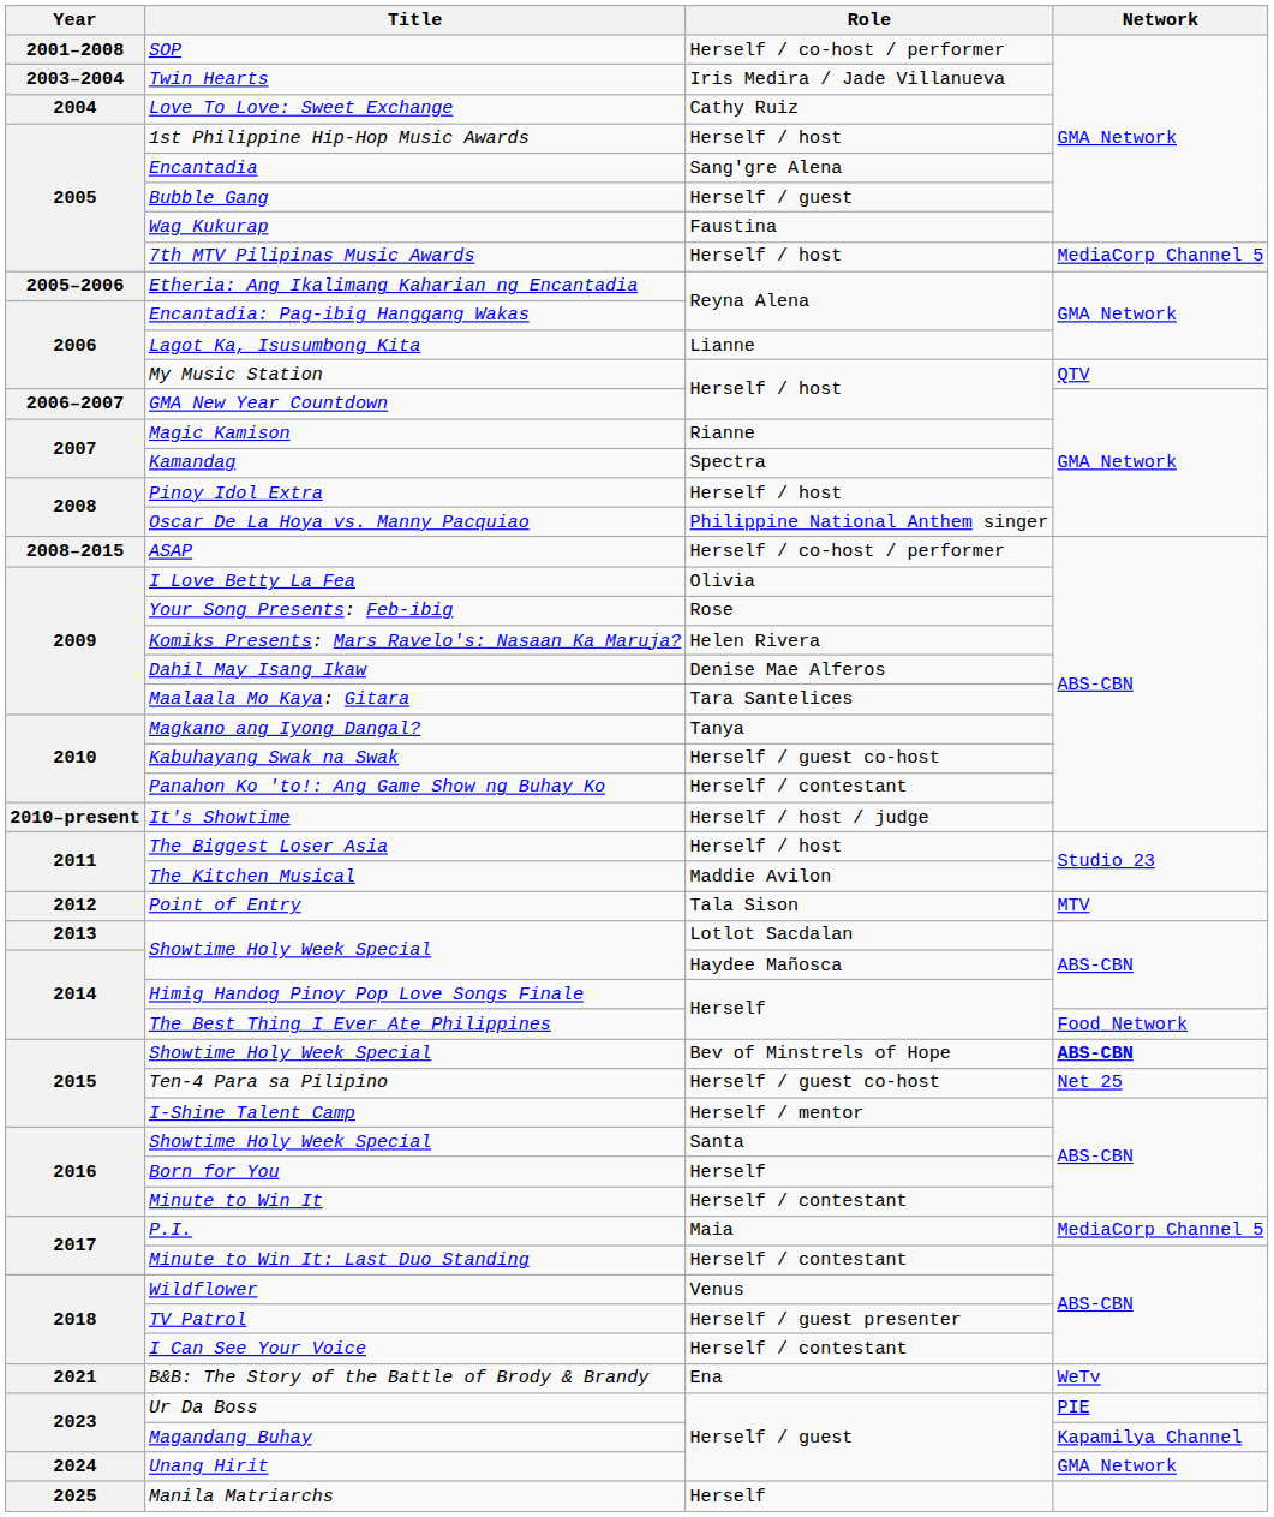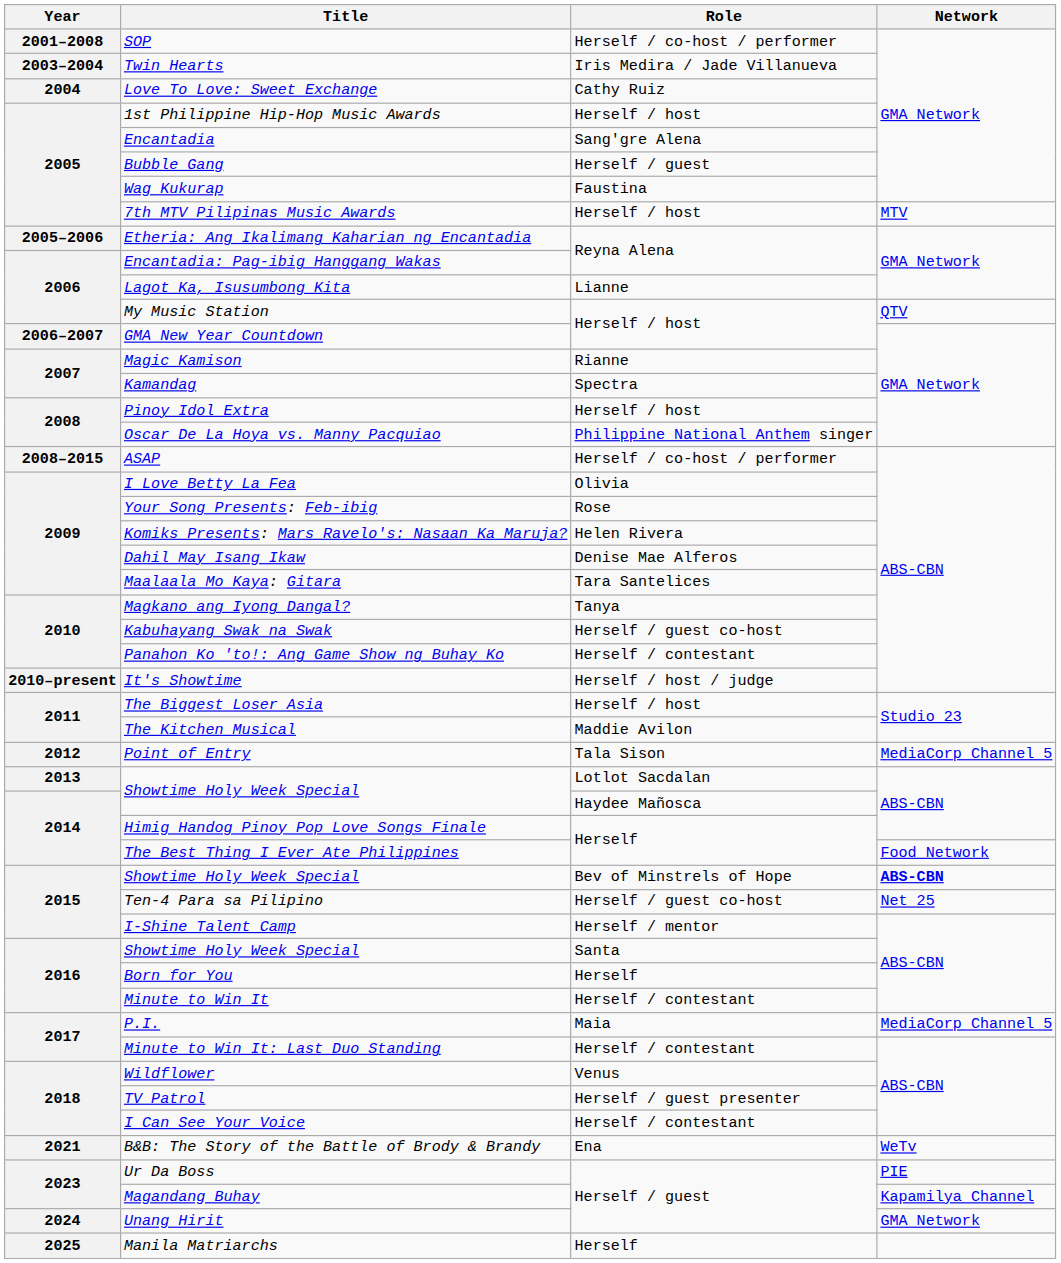 <table class="wikitable sortable plainrowheaders">
 <tr>
 <th scope="col">Year</th>
 <th scope="col">Title</th>
 <th scope="col">Role</th>
 <th scope="col">Network</th>
 </tr>
 <tr>
 <th scope="row">2001–2008</th>
 <td><em><a href='#'>SOP</a></em></td>
 <td>Herself / co-host / performer</td>
 <td rowspan="7"><a href='#'>GMA Network</a></td>
 </tr>
 <tr>
 <th scope="row">2003–2004</th>
 <td><em><a href='#'>Twin Hearts</a></em></td>
 <td>Iris Medira / Jade Villanueva</td>
 </tr>
 <tr>
 <th scope="row">2004</th>
 <td><em><a href='#'>Love To Love: Sweet Exchange</a></em></td>
 <td>Cathy Ruiz</td>
 </tr>
 <tr>
 <th rowspan="5" scope="row">2005</th>
 <td><em>1st Philippine Hip-Hop Music Awards</em></td>
 <td>Herself / host</td>
 </tr>
 <tr>
 <td><em><a href='#'>Encantadia</a></em></td>
 <td>Sang'gre Alena</td>
 </tr>
 <tr>
 <td><em><a href='#'>Bubble Gang</a></em></td>
 <td>Herself / guest</td>
 </tr>
 <tr>
 <td><em><a href='#'>Wag Kukurap</a></em></td>
 <td>Faustina</td>
 </tr>
 <tr>
 <td><em><a href='#'>7th MTV Pilipinas Music Awards</a></em></td>
 <td>Herself / host</td>
-<td><a href='#'>MediaCorp Channel 5</a></td>
+<td><a href='#'>MTV</a></td>
 </tr>
 <tr>
 <th scope="row">2005–2006</th>
 <td><em><a href='#'>Etheria: Ang Ikalimang Kaharian ng Encantadia</a></em></td>
 <td rowspan="2">Reyna Alena</td>
 <td rowspan="3"><a href='#'>GMA Network</a></td>
 </tr>
 <tr>
 <th rowspan="3" scope="row">2006</th>
 <td><em><a href='#'>Encantadia: Pag-ibig Hanggang Wakas</a></em></td>
 </tr>
 <tr>
 <td><em><a href='#'>Lagot Ka, Isusumbong Kita</a></em></td>
 <td>Lianne</td>
 </tr>
 <tr>
 <td><em>My Music Station</em></td>
 <td rowspan="2">Herself / host</td>
 <td><a href='#'>QTV</a></td>
 </tr>
 <tr>
 <th scope="row">2006–2007</th>
 <td><em><a href='#'>GMA New Year Countdown</a></em></td>
 <td rowspan=5><a href='#'>GMA Network</a></td>
 </tr>
 <tr>
 <th rowspan="2" scope="row">2007</th>
 <td><em><a href='#'>Magic Kamison</a></em></td>
 <td>Rianne</td>
 </tr>
 <tr>
 <td><em><a href='#'>Kamandag</a></em></td>
 <td>Spectra</td>
 </tr>
 <tr>
 <th rowspan="2" scope="row">2008</th>
 <td><em><a href='#'>Pinoy Idol Extra</a></em></td>
 <td>Herself / host</td>
 </tr>
 <tr>
 <td><em><a href='#'>Oscar De La Hoya vs. Manny Pacquiao</a></em></td>
 <td><a href='#'>Philippine National Anthem</a> singer</td>
 </tr>
 <tr>
 <th scope="row">2008–2015</th>
 <td><em><a href='#'>ASAP</a></em></td>
 <td>Herself / co-host / performer</td>
 <td rowspan="10"><a href='#'>ABS-CBN</a></td>
 </tr>
 <tr>
 <th rowspan="5" scope="row">2009</th>
 <td><em><a href='#'>I Love Betty La Fea</a></em></td>
 <td>Olivia</td>
 </tr>
 <tr>
 <td><em><a href='#'>Your Song Presents</a>: <a href='#'>Feb-ibig</a></em></td>
 <td>Rose</td>
 </tr>
 <tr>
 <td><em><a href='#'>Komiks Presents</a>: <a href='#'>Mars Ravelo's: Nasaan Ka Maruja?</a></em></td>
 <td>Helen Rivera</td>
 </tr>
 <tr>
 <td><em><a href='#'>Dahil May Isang Ikaw</a></em></td>
 <td>Denise Mae Alferos</td>
 </tr>
 <tr>
 <td><em><a href='#'>Maalaala Mo Kaya</a>: <a href='#'>Gitara</a></em></td>
 <td>Tara Santelices</td>
 </tr>
 <tr>
 <th rowspan="3" scope="row">2010</th>
 <td><em><a href='#'>Magkano ang Iyong Dangal?</a></em></td>
 <td>Tanya</td>
 </tr>
 <tr>
 <td><em><a href='#'>Kabuhayang Swak na Swak</a></em></td>
 <td>Herself / guest co-host</td>
 </tr>
 <tr>
 <td><em><a href='#'>Panahon Ko 'to!: Ang Game Show ng Buhay Ko</a></em></td>
 <td>Herself / contestant</td>
 </tr>
 <tr>
 <th scope="row">2010–present</th>
 <td><em><a href='#'>It's Showtime</a></em></td>
 <td>Herself / host / judge</td>
 </tr>
 <tr>
 <th rowspan="2" scope="row">2011</th>
 <td><em><a href='#'>The Biggest Loser Asia</a></em></td>
 <td>Herself / host</td>
 <td rowspan="2"><a href='#'>Studio 23</a></td>
 </tr>
 <tr>
 <td><em><a href='#'>The Kitchen Musical</a></em></td>
 <td>Maddie Avilon</td>
 </tr>
 <tr>
 <th scope="row">2012</th>
 <td><em><a href='#'>Point of Entry</a></em></td>
 <td>Tala Sison</td>
-<td><a href='#'>MTV</a></td>
+<td><a href='#'>MediaCorp Channel 5</a></td>
 </tr>
 <tr>
 <th scope="row">2013</th>
 <td rowspan="2"><em><a href='#'>Showtime Holy Week Special</a></em></td>
 <td>Lotlot Sacdalan</td>
 <td rowspan=3><a href='#'>ABS-CBN</a></td>
 </tr>
 <tr>
 <th rowspan="3" scope="row">2014</th>
 <td>Haydee Mañosca</td>
 </tr>
 <tr>
 <td><em><a href='#'>Himig Handog Pinoy Pop Love Songs Finale</a></em></td>
 <td rowspan="2">Herself</td>
 </tr>
 <tr>
 <td><em><a href='#'>The Best Thing I Ever Ate Philippines</a></em></td>
 <td><a href='#'>Food Network</a></td>
 </tr>
 <tr>
 <th rowspan="3" scope="row">2015</th>
 <td><em><a href='#'>Showtime Holy Week Special</a></em></td>
 <td>Bev of Minstrels of Hope</td>
 <td><strong><a href='#'>ABS-CBN</a></strong></td>
 </tr>
 <tr>
 <td><em>Ten-4 Para sa Pilipino</em></td>
 <td>Herself / guest co-host</td>
 <td><a href='#'>Net 25</a></td>
 </tr>
 <tr>
 <td><em><a href='#'>I-Shine Talent Camp</a></em></td>
 <td>Herself / mentor</td>
 <td rowspan=4><a href='#'>ABS-CBN</a></td>
 </tr>
 <tr>
 <th rowspan="3" scope="row">2016</th>
 <td><em><a href='#'>Showtime Holy Week Special</a></em></td>
 <td>Santa</td>
 </tr>
 <tr>
 <td><em><a href='#'>Born for You</a></em></td>
 <td>Herself</td>
 </tr>
 <tr>
 <td><em><a href='#'>Minute to Win It</a></em></td>
 <td>Herself / contestant</td>
 </tr>
 <tr>
 <th rowspan="2" scope="row">2017</th>
 <td><em><a href='#'>P.I.</a></em></td>
 <td>Maia</td>
 <td><a href='#'>MediaCorp Channel 5</a></td>
 </tr>
 <tr>
 <td><em><a href='#'>Minute to Win It: Last Duo Standing</a></em></td>
 <td>Herself / contestant</td>
 <td rowspan="4"><a href='#'>ABS-CBN</a></td>
 </tr>
 <tr>
 <th rowspan="3" scope="row">2018</th>
 <td><em><a href='#'>Wildflower</a></em></td>
 <td>Venus</td>
 </tr>
 <tr>
 <td><em><a href='#'>TV Patrol</a></em></td>
 <td>Herself / guest presenter</td>
 </tr>
 <tr>
 <td><em><a href='#'>I Can See Your Voice</a></em></td>
 <td>Herself / contestant</td>
 </tr>
 <tr>
 <th scope="row">2021</th>
 <td><em>B&B: The Story of the Battle of Brody & Brandy</em></td>
 <td>Ena</td>
 <td><a href='#'>WeTv</a></td>
 </tr>
 <tr>
 <th rowspan="2" scope="row">2023</th>
 <td><em>Ur Da Boss</em></td>
 <td rowspan="3">Herself / guest</td>
 <td><a href='#'>PIE</a></td>
 </tr>
 <tr>
 <td><em><a href='#'>Magandang Buhay</a></em></td>
 <td><a href='#'>Kapamilya Channel</a></td>
 </tr>
 <tr>
 <th scope="row">2024</th>
 <td><em><a href='#'>Unang Hirit</a></em></td>
 <td><a href='#'>GMA Network</a></td>
 </tr>
 <tr>
 <th scope="row">2025</th>
 <td><em>Manila Matriarchs</em></td>
 <td>Herself</td>
 <td></td>
 </tr>
 </table>
